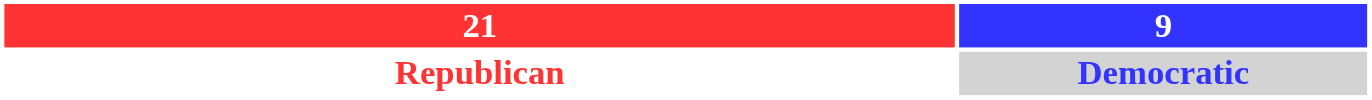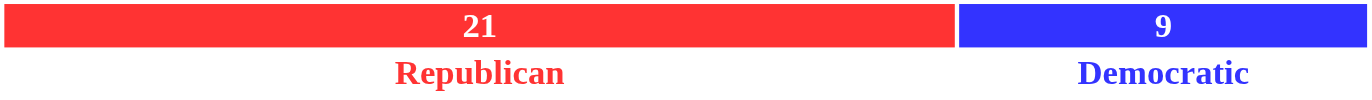 <table style="width:50%">
 <tr>
 <td scope="row" colspan="3" style="text-align:center"></td>
 </tr>
 <tr>
 <td scope="row" style="background:#F33; width:70%; text-align:center; color:white"><strong>21</strong></td>
 <td style="background:#33F; width:30%; text-align:center; color:white"><strong>9</strong></td>
 </tr>
 <tr>
 <td scope="row" style="text-align:center; color:#F33"><strong>Republican</strong></td>
-<td style="background: lightgrey; text-align:center; color:#33F"><strong>Democratic</strong></td>
+<td style="text-align:center; color:#33F"><strong>Democratic</strong></td>
 </tr>
 </table>
